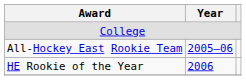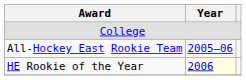 <table class="wikitable">
 <tr>
 <th>Award</th>
 <th>Year</th>
 <th></th>
 </tr>
 <tr ALIGN="center" bgcolor="#e0e0e0">
 <td colspan="3"><a href='#'>College</a></td>
 </tr>
 <tr>
 <td>All-<a href='#'>Hockey East</a> <a href='#'>Rookie Team</a></td>
 <td><a href='#'>2005–06</a></td>
 <td></td>
 </tr>
 <tr>
 <td><a href='#'>HE</a> Rookie of the Year</td>
-<td><a href='#'>2006</a></td>
+<td style="background: lightyellow;"><a href='#'>2006</a></td>
 <td></td>
 </tr>
 <tr>
 </tr>
 </table>
